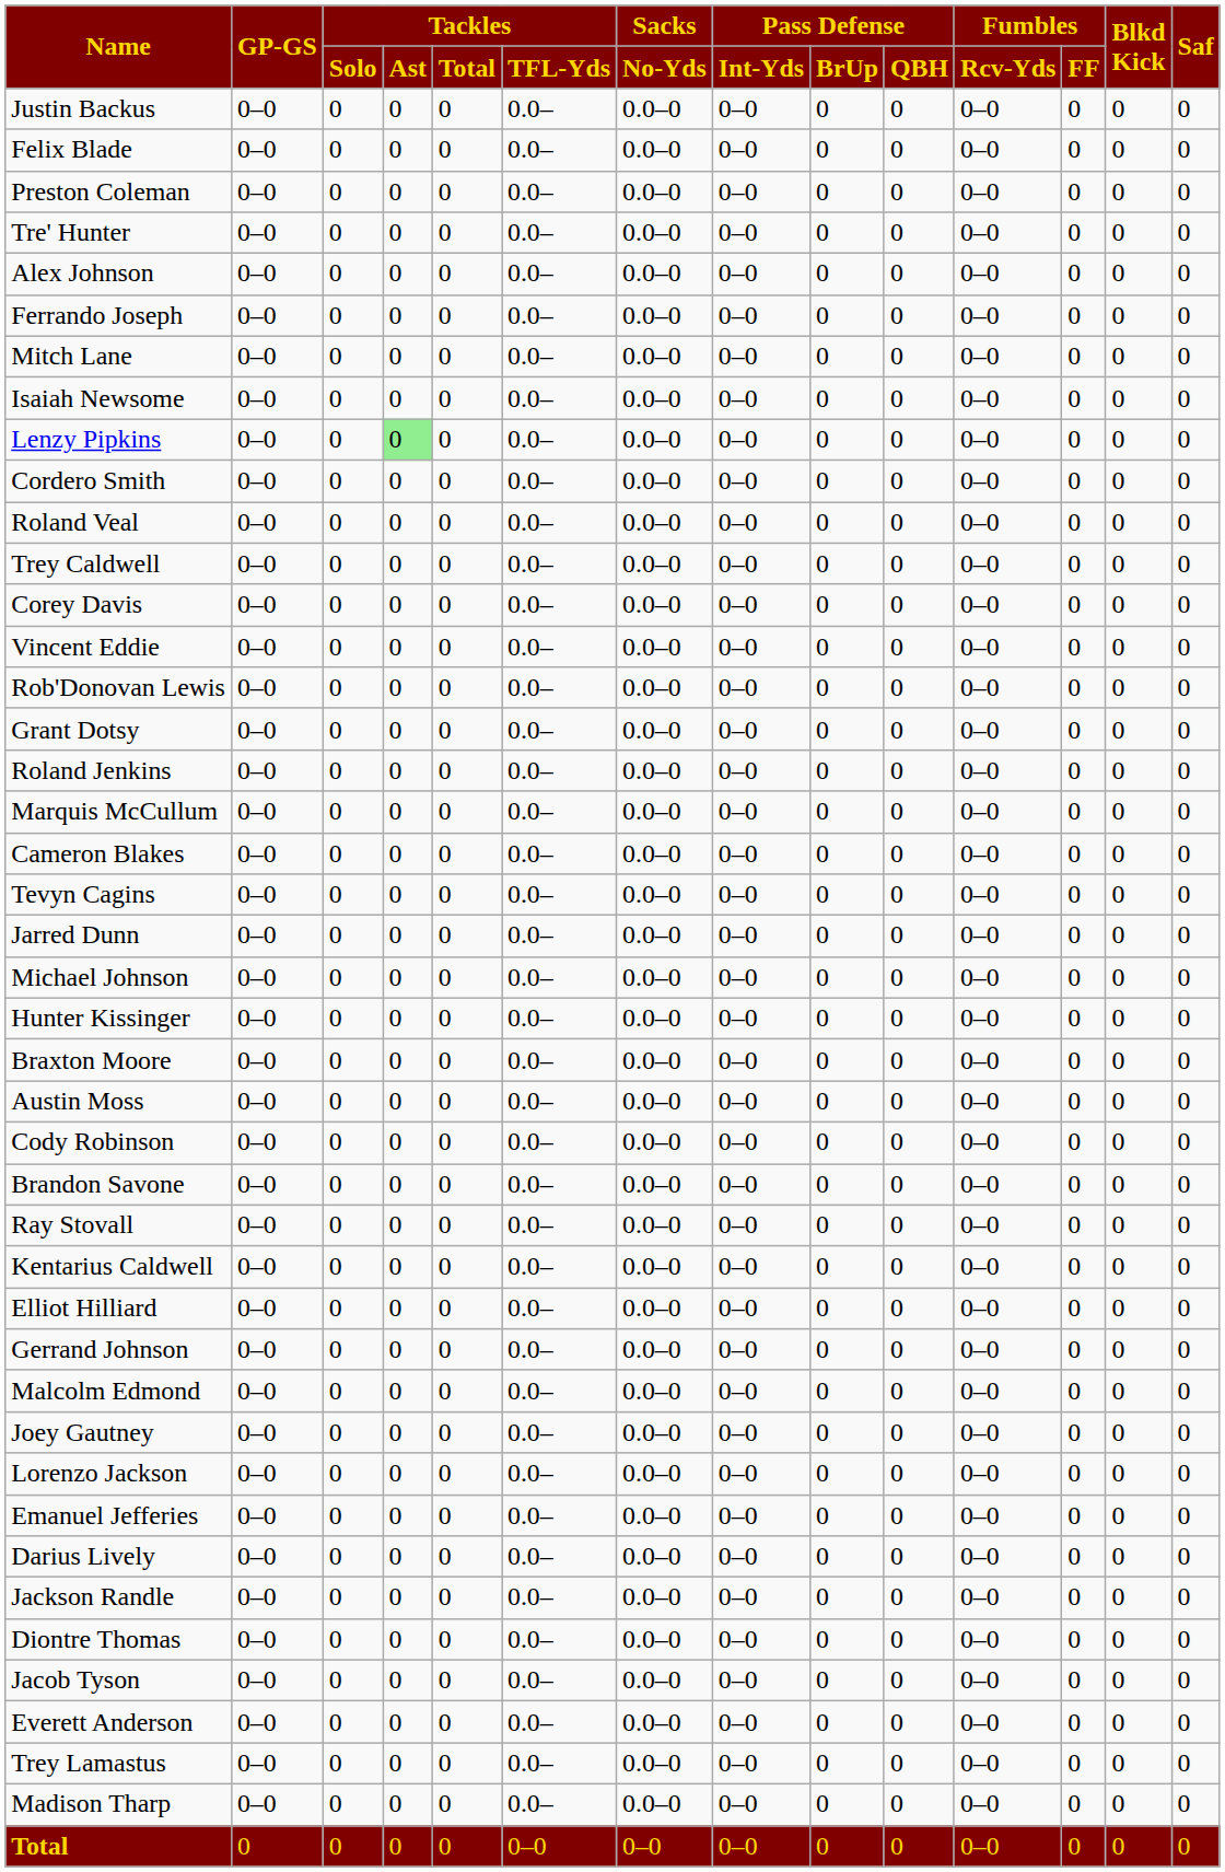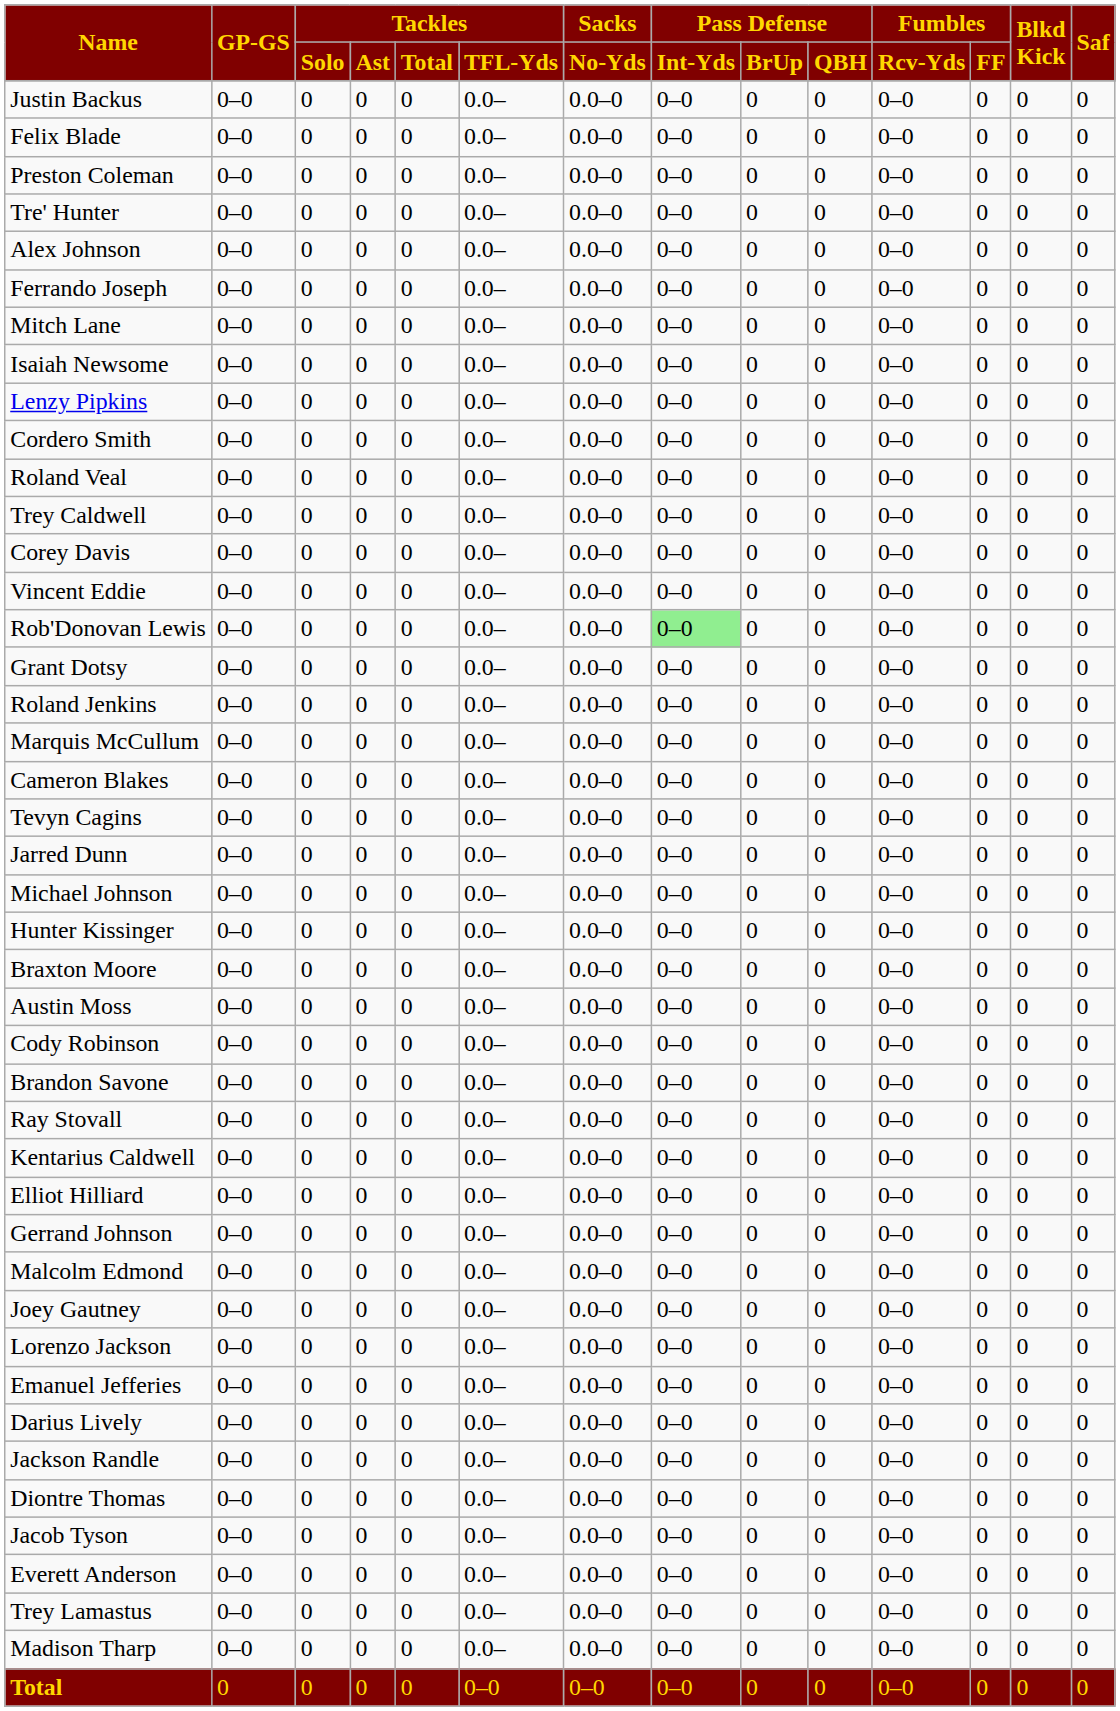 <table class="wikitable" style="white-space:nowrap;">
 <tr>
 <th style="background: #800000; color: #FFD700;" rowspan="2">Name</th>
 <th style="background: #800000; color: #FFD700;" rowspan="2">GP-GS</th>
 <th style="background: #800000; color: #FFD700;" colspan="4">Tackles</th>
 <th style="background: #800000; color: #FFD700;">Sacks</th>
 <th style="background: #800000; color: #FFD700;" colspan="3">Pass Defense</th>
 <th style="background: #800000; color: #FFD700;" colspan="2">Fumbles</th>
 <th style="background: #800000; color: #FFD700;" rowspan="2">Blkd<br>Kick</th>
 <th style="background: #800000; color: #FFD700;" rowspan="2">Saf</th>
 </tr>
 <tr>
 <th style="background: #800000; color: #FFD700;">Solo</th>
 <th style="background: #800000; color: #FFD700;">Ast</th>
 <th style="background: #800000; color: #FFD700;">Total</th>
 <th style="background: #800000; color: #FFD700;">TFL-Yds</th>
 <th style="background: #800000; color: #FFD700;">No-Yds</th>
 <th style="background: #800000; color: #FFD700;">Int-Yds</th>
 <th style="background: #800000; color: #FFD700;">BrUp</th>
 <th style="background: #800000; color: #FFD700;">QBH</th>
 <th style="background: #800000; color: #FFD700;">Rcv-Yds</th>
 <th style="background: #800000; color: #FFD700;">FF</th>
 </tr>
 <tr>
 </tr>
 <tr>
 <td>Justin Backus</td>
 <td>0–0</td>
 <td>0</td>
 <td>0</td>
 <td>0</td>
 <td>0.0–</td>
 <td>0.0–0</td>
 <td>0–0</td>
 <td>0</td>
 <td>0</td>
 <td>0–0</td>
 <td>0</td>
 <td>0</td>
 <td>0</td>
 </tr>
 <tr>
 <td>Felix Blade</td>
 <td>0–0</td>
 <td>0</td>
 <td>0</td>
 <td>0</td>
 <td>0.0–</td>
 <td>0.0–0</td>
 <td>0–0</td>
 <td>0</td>
 <td>0</td>
 <td>0–0</td>
 <td>0</td>
 <td>0</td>
 <td>0</td>
 </tr>
 <tr>
 <td>Preston Coleman</td>
 <td>0–0</td>
 <td>0</td>
 <td>0</td>
 <td>0</td>
 <td>0.0–</td>
 <td>0.0–0</td>
 <td>0–0</td>
 <td>0</td>
 <td>0</td>
 <td>0–0</td>
 <td>0</td>
 <td>0</td>
 <td>0</td>
 </tr>
 <tr>
 <td>Tre' Hunter</td>
 <td>0–0</td>
 <td>0</td>
 <td>0</td>
 <td>0</td>
 <td>0.0–</td>
 <td>0.0–0</td>
 <td>0–0</td>
 <td>0</td>
 <td>0</td>
 <td>0–0</td>
 <td>0</td>
 <td>0</td>
 <td>0</td>
 </tr>
 <tr>
 <td>Alex Johnson</td>
 <td>0–0</td>
 <td>0</td>
 <td>0</td>
 <td>0</td>
 <td>0.0–</td>
 <td>0.0–0</td>
 <td>0–0</td>
 <td>0</td>
 <td>0</td>
 <td>0–0</td>
 <td>0</td>
 <td>0</td>
 <td>0</td>
 </tr>
 <tr>
 <td>Ferrando Joseph</td>
 <td>0–0</td>
 <td>0</td>
 <td>0</td>
 <td>0</td>
 <td>0.0–</td>
 <td>0.0–0</td>
 <td>0–0</td>
 <td>0</td>
 <td>0</td>
 <td>0–0</td>
 <td>0</td>
 <td>0</td>
 <td>0</td>
 </tr>
 <tr>
 <td>Mitch Lane</td>
 <td>0–0</td>
 <td>0</td>
 <td>0</td>
 <td>0</td>
 <td>0.0–</td>
 <td>0.0–0</td>
 <td>0–0</td>
 <td>0</td>
 <td>0</td>
 <td>0–0</td>
 <td>0</td>
 <td>0</td>
 <td>0</td>
 </tr>
 <tr>
 <td>Isaiah Newsome</td>
 <td>0–0</td>
 <td>0</td>
 <td>0</td>
 <td>0</td>
 <td>0.0–</td>
 <td>0.0–0</td>
 <td>0–0</td>
 <td>0</td>
 <td>0</td>
 <td>0–0</td>
 <td>0</td>
 <td>0</td>
 <td>0</td>
 </tr>
 <tr>
 <td><a href='#'>Lenzy Pipkins</a></td>
 <td>0–0</td>
 <td>0</td>
-<td style="background: lightgreen;">0</td>
+<td>0</td>
 <td>0</td>
 <td>0.0–</td>
 <td>0.0–0</td>
 <td>0–0</td>
 <td>0</td>
 <td>0</td>
 <td>0–0</td>
 <td>0</td>
 <td>0</td>
 <td>0</td>
 </tr>
 <tr>
 <td>Cordero Smith</td>
 <td>0–0</td>
 <td>0</td>
 <td>0</td>
 <td>0</td>
 <td>0.0–</td>
 <td>0.0–0</td>
 <td>0–0</td>
 <td>0</td>
 <td>0</td>
 <td>0–0</td>
 <td>0</td>
 <td>0</td>
 <td>0</td>
 </tr>
 <tr>
 <td>Roland Veal</td>
 <td>0–0</td>
 <td>0</td>
 <td>0</td>
 <td>0</td>
 <td>0.0–</td>
 <td>0.0–0</td>
 <td>0–0</td>
 <td>0</td>
 <td>0</td>
 <td>0–0</td>
 <td>0</td>
 <td>0</td>
 <td>0</td>
 </tr>
 <tr>
 <td>Trey Caldwell</td>
 <td>0–0</td>
 <td>0</td>
 <td>0</td>
 <td>0</td>
 <td>0.0–</td>
 <td>0.0–0</td>
 <td>0–0</td>
 <td>0</td>
 <td>0</td>
 <td>0–0</td>
 <td>0</td>
 <td>0</td>
 <td>0</td>
 </tr>
 <tr>
 <td>Corey Davis</td>
 <td>0–0</td>
 <td>0</td>
 <td>0</td>
 <td>0</td>
 <td>0.0–</td>
 <td>0.0–0</td>
 <td>0–0</td>
 <td>0</td>
 <td>0</td>
 <td>0–0</td>
 <td>0</td>
 <td>0</td>
 <td>0</td>
 </tr>
 <tr>
 <td>Vincent Eddie</td>
 <td>0–0</td>
 <td>0</td>
 <td>0</td>
 <td>0</td>
 <td>0.0–</td>
 <td>0.0–0</td>
 <td>0–0</td>
 <td>0</td>
 <td>0</td>
 <td>0–0</td>
 <td>0</td>
 <td>0</td>
 <td>0</td>
 </tr>
 <tr>
 <td>Rob'Donovan Lewis</td>
 <td>0–0</td>
 <td>0</td>
 <td>0</td>
 <td>0</td>
 <td>0.0–</td>
 <td>0.0–0</td>
-<td>0–0</td>
+<td style="background: lightgreen;">0–0</td>
 <td>0</td>
 <td>0</td>
 <td>0–0</td>
 <td>0</td>
 <td>0</td>
 <td>0</td>
 </tr>
 <tr>
 <td>Grant Dotsy</td>
 <td>0–0</td>
 <td>0</td>
 <td>0</td>
 <td>0</td>
 <td>0.0–</td>
 <td>0.0–0</td>
 <td>0–0</td>
 <td>0</td>
 <td>0</td>
 <td>0–0</td>
 <td>0</td>
 <td>0</td>
 <td>0</td>
 </tr>
 <tr>
 <td>Roland Jenkins</td>
 <td>0–0</td>
 <td>0</td>
 <td>0</td>
 <td>0</td>
 <td>0.0–</td>
 <td>0.0–0</td>
 <td>0–0</td>
 <td>0</td>
 <td>0</td>
 <td>0–0</td>
 <td>0</td>
 <td>0</td>
 <td>0</td>
 </tr>
 <tr>
 <td>Marquis McCullum</td>
 <td>0–0</td>
 <td>0</td>
 <td>0</td>
 <td>0</td>
 <td>0.0–</td>
 <td>0.0–0</td>
 <td>0–0</td>
 <td>0</td>
 <td>0</td>
 <td>0–0</td>
 <td>0</td>
 <td>0</td>
 <td>0</td>
 </tr>
 <tr>
 <td>Cameron Blakes</td>
 <td>0–0</td>
 <td>0</td>
 <td>0</td>
 <td>0</td>
 <td>0.0–</td>
 <td>0.0–0</td>
 <td>0–0</td>
 <td>0</td>
 <td>0</td>
 <td>0–0</td>
 <td>0</td>
 <td>0</td>
 <td>0</td>
 </tr>
 <tr>
 <td>Tevyn Cagins</td>
 <td>0–0</td>
 <td>0</td>
 <td>0</td>
 <td>0</td>
 <td>0.0–</td>
 <td>0.0–0</td>
 <td>0–0</td>
 <td>0</td>
 <td>0</td>
 <td>0–0</td>
 <td>0</td>
 <td>0</td>
 <td>0</td>
 </tr>
 <tr>
 <td>Jarred Dunn</td>
 <td>0–0</td>
 <td>0</td>
 <td>0</td>
 <td>0</td>
 <td>0.0–</td>
 <td>0.0–0</td>
 <td>0–0</td>
 <td>0</td>
 <td>0</td>
 <td>0–0</td>
 <td>0</td>
 <td>0</td>
 <td>0</td>
 </tr>
 <tr>
 <td>Michael Johnson</td>
 <td>0–0</td>
 <td>0</td>
 <td>0</td>
 <td>0</td>
 <td>0.0–</td>
 <td>0.0–0</td>
 <td>0–0</td>
 <td>0</td>
 <td>0</td>
 <td>0–0</td>
 <td>0</td>
 <td>0</td>
 <td>0</td>
 </tr>
 <tr>
 <td>Hunter Kissinger</td>
 <td>0–0</td>
 <td>0</td>
 <td>0</td>
 <td>0</td>
 <td>0.0–</td>
 <td>0.0–0</td>
 <td>0–0</td>
 <td>0</td>
 <td>0</td>
 <td>0–0</td>
 <td>0</td>
 <td>0</td>
 <td>0</td>
 </tr>
 <tr>
 <td>Braxton Moore</td>
 <td>0–0</td>
 <td>0</td>
 <td>0</td>
 <td>0</td>
 <td>0.0–</td>
 <td>0.0–0</td>
 <td>0–0</td>
 <td>0</td>
 <td>0</td>
 <td>0–0</td>
 <td>0</td>
 <td>0</td>
 <td>0</td>
 </tr>
 <tr>
 <td>Austin Moss</td>
 <td>0–0</td>
 <td>0</td>
 <td>0</td>
 <td>0</td>
 <td>0.0–</td>
 <td>0.0–0</td>
 <td>0–0</td>
 <td>0</td>
 <td>0</td>
 <td>0–0</td>
 <td>0</td>
 <td>0</td>
 <td>0</td>
 </tr>
 <tr>
 <td>Cody Robinson</td>
 <td>0–0</td>
 <td>0</td>
 <td>0</td>
 <td>0</td>
 <td>0.0–</td>
 <td>0.0–0</td>
 <td>0–0</td>
 <td>0</td>
 <td>0</td>
 <td>0–0</td>
 <td>0</td>
 <td>0</td>
 <td>0</td>
 </tr>
 <tr>
 <td>Brandon Savone</td>
 <td>0–0</td>
 <td>0</td>
 <td>0</td>
 <td>0</td>
 <td>0.0–</td>
 <td>0.0–0</td>
 <td>0–0</td>
 <td>0</td>
 <td>0</td>
 <td>0–0</td>
 <td>0</td>
 <td>0</td>
 <td>0</td>
 </tr>
 <tr>
 <td>Ray Stovall</td>
 <td>0–0</td>
 <td>0</td>
 <td>0</td>
 <td>0</td>
 <td>0.0–</td>
 <td>0.0–0</td>
 <td>0–0</td>
 <td>0</td>
 <td>0</td>
 <td>0–0</td>
 <td>0</td>
 <td>0</td>
 <td>0</td>
 </tr>
 <tr>
 <td>Kentarius Caldwell</td>
 <td>0–0</td>
 <td>0</td>
 <td>0</td>
 <td>0</td>
 <td>0.0–</td>
 <td>0.0–0</td>
 <td>0–0</td>
 <td>0</td>
 <td>0</td>
 <td>0–0</td>
 <td>0</td>
 <td>0</td>
 <td>0</td>
 </tr>
 <tr>
 <td>Elliot Hilliard</td>
 <td>0–0</td>
 <td>0</td>
 <td>0</td>
 <td>0</td>
 <td>0.0–</td>
 <td>0.0–0</td>
 <td>0–0</td>
 <td>0</td>
 <td>0</td>
 <td>0–0</td>
 <td>0</td>
 <td>0</td>
 <td>0</td>
 </tr>
 <tr>
 <td>Gerrand Johnson</td>
 <td>0–0</td>
 <td>0</td>
 <td>0</td>
 <td>0</td>
 <td>0.0–</td>
 <td>0.0–0</td>
 <td>0–0</td>
 <td>0</td>
 <td>0</td>
 <td>0–0</td>
 <td>0</td>
 <td>0</td>
 <td>0</td>
 </tr>
 <tr>
 <td>Malcolm Edmond</td>
 <td>0–0</td>
 <td>0</td>
 <td>0</td>
 <td>0</td>
 <td>0.0–</td>
 <td>0.0–0</td>
 <td>0–0</td>
 <td>0</td>
 <td>0</td>
 <td>0–0</td>
 <td>0</td>
 <td>0</td>
 <td>0</td>
 </tr>
 <tr>
 <td>Joey Gautney</td>
 <td>0–0</td>
 <td>0</td>
 <td>0</td>
 <td>0</td>
 <td>0.0–</td>
 <td>0.0–0</td>
 <td>0–0</td>
 <td>0</td>
 <td>0</td>
 <td>0–0</td>
 <td>0</td>
 <td>0</td>
 <td>0</td>
 </tr>
 <tr>
 <td>Lorenzo Jackson</td>
 <td>0–0</td>
 <td>0</td>
 <td>0</td>
 <td>0</td>
 <td>0.0–</td>
 <td>0.0–0</td>
 <td>0–0</td>
 <td>0</td>
 <td>0</td>
 <td>0–0</td>
 <td>0</td>
 <td>0</td>
 <td>0</td>
 </tr>
 <tr>
 <td>Emanuel Jefferies</td>
 <td>0–0</td>
 <td>0</td>
 <td>0</td>
 <td>0</td>
 <td>0.0–</td>
 <td>0.0–0</td>
 <td>0–0</td>
 <td>0</td>
 <td>0</td>
 <td>0–0</td>
 <td>0</td>
 <td>0</td>
 <td>0</td>
 </tr>
 <tr>
 <td>Darius Lively</td>
 <td>0–0</td>
 <td>0</td>
 <td>0</td>
 <td>0</td>
 <td>0.0–</td>
 <td>0.0–0</td>
 <td>0–0</td>
 <td>0</td>
 <td>0</td>
 <td>0–0</td>
 <td>0</td>
 <td>0</td>
 <td>0</td>
 </tr>
 <tr>
 <td>Jackson Randle</td>
 <td>0–0</td>
 <td>0</td>
 <td>0</td>
 <td>0</td>
 <td>0.0–</td>
 <td>0.0–0</td>
 <td>0–0</td>
 <td>0</td>
 <td>0</td>
 <td>0–0</td>
 <td>0</td>
 <td>0</td>
 <td>0</td>
 </tr>
 <tr>
 <td>Diontre Thomas</td>
 <td>0–0</td>
 <td>0</td>
 <td>0</td>
 <td>0</td>
 <td>0.0–</td>
 <td>0.0–0</td>
 <td>0–0</td>
 <td>0</td>
 <td>0</td>
 <td>0–0</td>
 <td>0</td>
 <td>0</td>
 <td>0</td>
 </tr>
 <tr>
 <td>Jacob Tyson</td>
 <td>0–0</td>
 <td>0</td>
 <td>0</td>
 <td>0</td>
 <td>0.0–</td>
 <td>0.0–0</td>
 <td>0–0</td>
 <td>0</td>
 <td>0</td>
 <td>0–0</td>
 <td>0</td>
 <td>0</td>
 <td>0</td>
 </tr>
 <tr>
 <td>Everett Anderson</td>
 <td>0–0</td>
 <td>0</td>
 <td>0</td>
 <td>0</td>
 <td>0.0–</td>
 <td>0.0–0</td>
 <td>0–0</td>
 <td>0</td>
 <td>0</td>
 <td>0–0</td>
 <td>0</td>
 <td>0</td>
 <td>0</td>
 </tr>
 <tr>
 <td>Trey Lamastus</td>
 <td>0–0</td>
 <td>0</td>
 <td>0</td>
 <td>0</td>
 <td>0.0–</td>
 <td>0.0–0</td>
 <td>0–0</td>
 <td>0</td>
 <td>0</td>
 <td>0–0</td>
 <td>0</td>
 <td>0</td>
 <td>0</td>
 </tr>
 <tr>
 <td>Madison Tharp</td>
 <td>0–0</td>
 <td>0</td>
 <td>0</td>
 <td>0</td>
 <td>0.0–</td>
 <td>0.0–0</td>
 <td>0–0</td>
 <td>0</td>
 <td>0</td>
 <td>0–0</td>
 <td>0</td>
 <td>0</td>
 <td>0</td>
 </tr>
 <tr style="background: #800000; color: #FFD700;">
 <td><strong>Total</strong></td>
 <td>0</td>
 <td>0</td>
 <td>0</td>
 <td>0</td>
 <td>0–0</td>
 <td>0–0</td>
 <td>0–0</td>
 <td>0</td>
 <td>0</td>
 <td>0–0</td>
 <td>0</td>
 <td>0</td>
 <td>0</td>
 </tr>
 </table>
